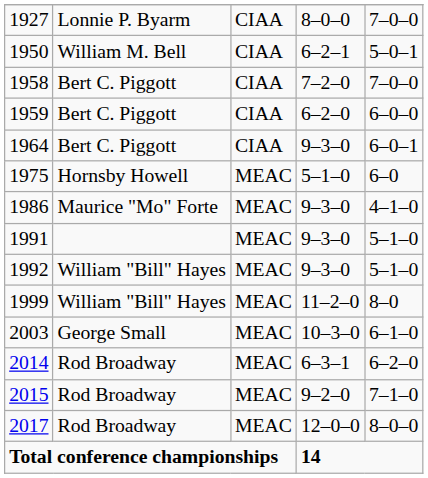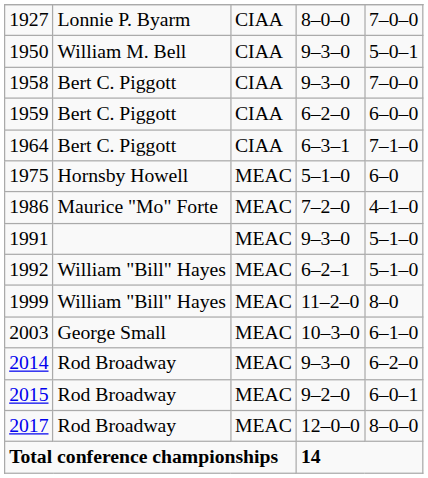 <table class="wikitable">
 <tr>
 </tr>
 <tr>
 <td>1927</td>
 <td>Lonnie P. Byarm</td>
 <td>CIAA</td>
 <td>8–0–0</td>
 <td>7–0–0</td>
 </tr>
 <tr>
 <td>1950</td>
 <td>William M. Bell</td>
 <td>CIAA</td>
-<td>6–2–1</td>
+<td>9–3–0</td>
 <td>5–0–1</td>
 </tr>
 <tr>
 <td>1958</td>
 <td>Bert C. Piggott</td>
 <td>CIAA</td>
-<td>7–2–0</td>
+<td>9–3–0</td>
 <td>7–0–0</td>
 </tr>
 <tr>
 <td>1959</td>
 <td>Bert C. Piggott</td>
 <td>CIAA</td>
 <td>6–2–0</td>
 <td>6–0–0</td>
 </tr>
 <tr>
 <td>1964</td>
 <td>Bert C. Piggott</td>
 <td>CIAA</td>
-<td>9–3–0</td>
-<td>6–0–1</td>
+<td>6–3–1</td>
+<td>7–1–0</td>
 </tr>
 <tr>
 <td>1975</td>
 <td>Hornsby Howell</td>
 <td>MEAC</td>
 <td>5–1–0</td>
 <td>6–0</td>
 </tr>
 <tr>
 <td>1986</td>
 <td>Maurice "Mo" Forte</td>
 <td>MEAC</td>
-<td>9–3–0</td>
+<td>7–2–0</td>
 <td>4–1–0</td>
 </tr>
 <tr>
 <td>1991</td>
 <td></td>
 <td>MEAC</td>
 <td>9–3–0</td>
 <td>5–1–0</td>
 </tr>
 <tr>
 <td>1992</td>
 <td>William "Bill" Hayes</td>
 <td>MEAC</td>
-<td>9–3–0</td>
+<td>6–2–1</td>
 <td>5–1–0</td>
 </tr>
 <tr>
 <td>1999</td>
 <td>William "Bill" Hayes</td>
 <td>MEAC</td>
 <td>11–2–0</td>
 <td>8–0</td>
 </tr>
 <tr>
 <td>2003</td>
 <td>George Small</td>
 <td>MEAC</td>
 <td>10–3–0</td>
 <td>6–1–0</td>
 </tr>
 <tr>
 <td><a href='#'>2014</a></td>
 <td>Rod Broadway</td>
 <td>MEAC</td>
-<td>6–3–1</td>
+<td>9–3–0</td>
 <td>6–2–0</td>
 </tr>
 <tr>
 <td><a href='#'>2015</a></td>
 <td>Rod Broadway</td>
 <td>MEAC</td>
 <td>9–2–0</td>
-<td>7–1–0</td>
+<td>6–0–1</td>
 </tr>
 <tr>
 <td><a href='#'>2017</a></td>
 <td>Rod Broadway</td>
 <td>MEAC</td>
 <td>12–0–0</td>
 <td>8–0–0</td>
 </tr>
 <tr>
 <td colspan="3"><strong>Total conference championships</strong></td>
 <td colspan="2"><strong>14</strong></td>
 </tr>
 </table>
